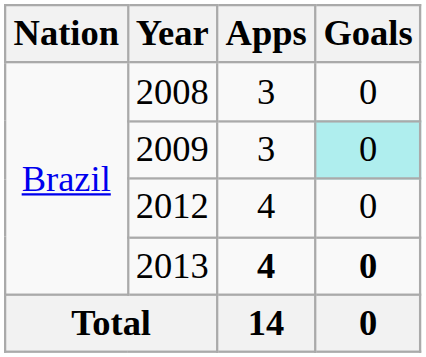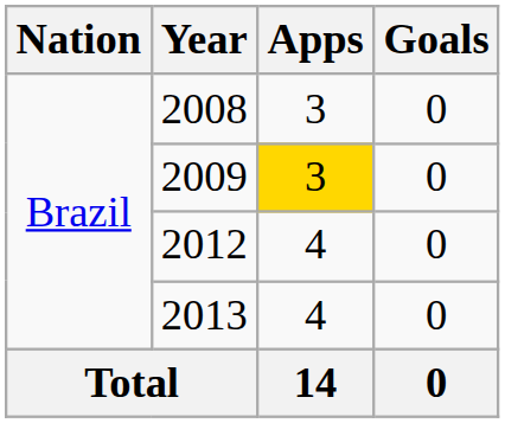 <table class="wikitable" style="text-align:center">
 <tr>
 <th>Nation</th>
 <th>Year</th>
 <th>Apps</th>
 <th>Goals</th>
 </tr>
 <tr>
 <td rowspan=4><a href='#'>Brazil</a></td>
 <td>2008</td>
 <td>3</td>
 <td>0</td>
 </tr>
 <tr>
 <td>2009</td>
-<td>3</td>
-<td style="background: paleturquoise;">0</td>
+<td style="background: gold;">3</td>
+<td>0</td>
 </tr>
 <tr>
 <td>2012</td>
 <td>4</td>
 <td>0</td>
 </tr>
 <tr>
 <td>2013</td>
-<td><strong>4</strong></td>
-<td><strong>0</strong></td>
+<td>4</td>
+<td>0</td>
 </tr>
 <tr>
 <th colspan=2>Total</th>
 <th>14</th>
 <th>0</th>
 </tr>
 </table>
